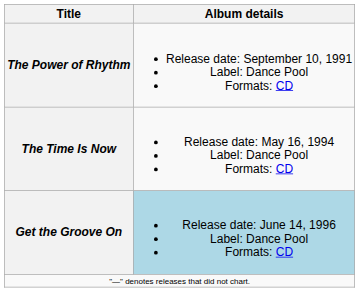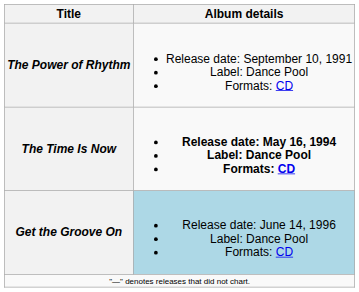 <table class="wikitable" style="text-align:center;">
 <tr>
 <th>Title</th>
 <th>Album details</th>
 </tr>
 <tr>
 <th scope="row"><em>The Power of Rhythm</em></th>
 <td><br><ul><li>Release date: September 10, 1991</li><li>Label: Dance Pool</li><li>Formats: <a href='#'>CD</a></li></ul></td>
 </tr>
 <tr>
 <th scope="row"><em>The Time Is Now</em></th>
-<td><br><ul><li>Release date: May 16, 1994</li><li>Label: Dance Pool</li><li>Formats: <a href='#'>CD</a></li></ul></td>
+<td><strong><br><ul><li>Release date: May 16, 1994</li><li>Label: Dance Pool</li><li>Formats: <a href='#'>CD</a></li></ul></strong></td>
 </tr>
 <tr>
 <th scope="row"><em>Get the Groove On</em></th>
 <td style="background: lightblue;"><br><ul><li>Release date: June 14, 1996</li><li>Label: Dance Pool</li><li>Formats: <a href='#'>CD</a></li></ul></td>
 </tr>
 <tr>
 <td colspan="15" style="font-size:8pt">"—" denotes releases that did not chart.</td>
 </tr>
 </table>
